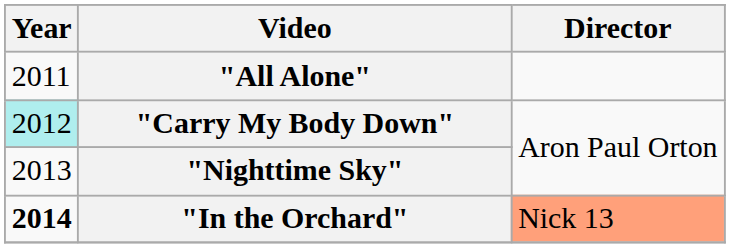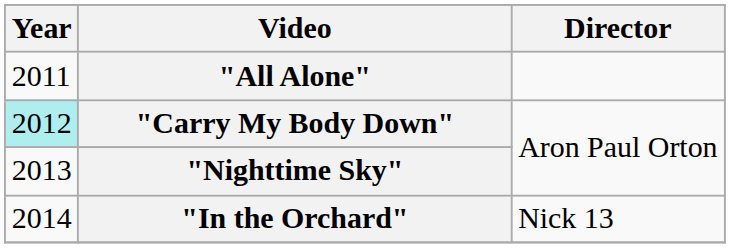 <table class="wikitable plainrowheaders">
 <tr>
 <th>Year</th>
 <th style="width:14em;">Video</th>
 <th>Director</th>
 </tr>
 <tr>
 <td>2011</td>
 <th scope="row">"All Alone"</th>
 <td></td>
 </tr>
 <tr>
 <td style="background: paleturquoise;">2012</td>
 <th scope="row">"Carry My Body Down"</th>
 <td rowspan="2">Aron Paul Orton</td>
 </tr>
 <tr>
 <td>2013</td>
 <th scope="row">"Nighttime Sky"</th>
 </tr>
 <tr>
-<td><strong>2014</strong></td>
+<td>2014</td>
 <th scope="row">"In the Orchard"</th>
-<td rowspan="1" style="background: lightsalmon;">Nick 13</td>
+<td rowspan="1">Nick 13</td>
 </tr>
 <tr>
 </tr>
 </table>
